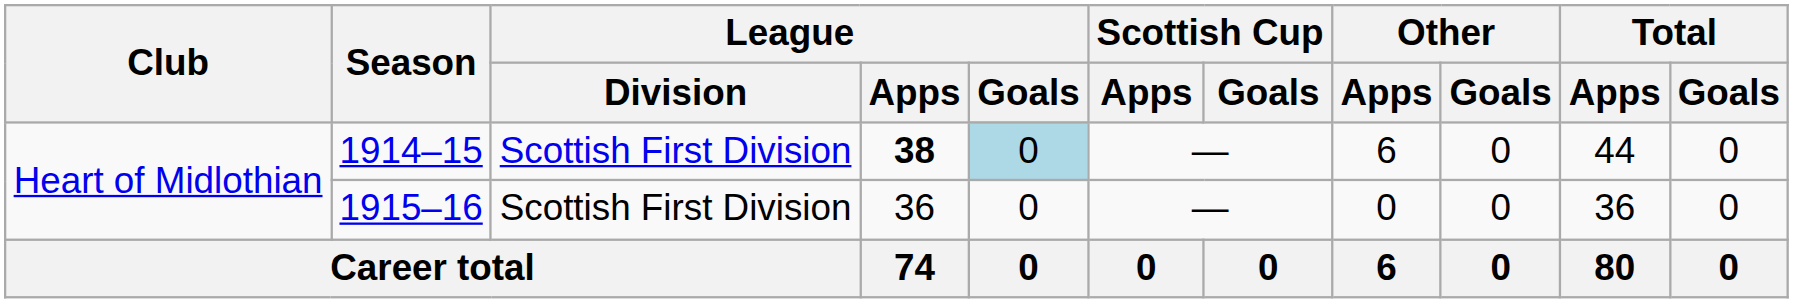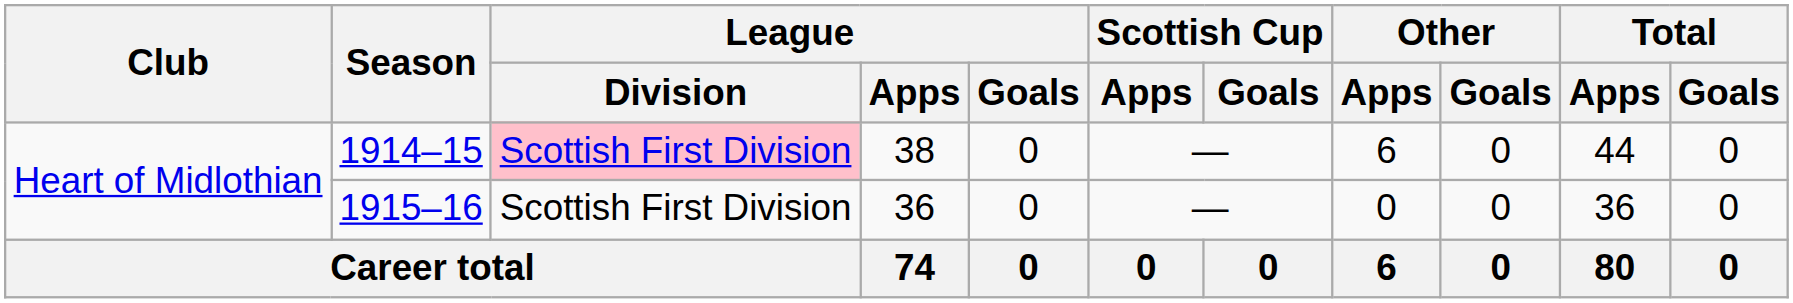 <table class="wikitable" style="text-align: center;">
 <tr>
 <th rowspan="2">Club</th>
 <th rowspan="2">Season</th>
 <th colspan="3">League</th>
 <th colspan="2">Scottish Cup</th>
 <th colspan="2">Other</th>
 <th colspan="2">Total</th>
 </tr>
 <tr>
 <th>Division</th>
 <th>Apps</th>
 <th>Goals</th>
 <th>Apps</th>
 <th>Goals</th>
 <th>Apps</th>
 <th>Goals</th>
 <th>Apps</th>
 <th>Goals</th>
 </tr>
 <tr>
 <td rowspan="2"><a href='#'>Heart of Midlothian</a></td>
 <td><a href='#'>1914–15</a></td>
-<td><a href='#'>Scottish First Division</a></td>
-<td><strong>38</strong></td>
-<td style="background: lightblue;">0</td>
+<td style="background: pink;"><a href='#'>Scottish First Division</a></td>
+<td>38</td>
+<td>0</td>
 <td colspan="2">—</td>
 <td>6</td>
 <td>0</td>
 <td>44</td>
 <td>0</td>
 </tr>
 <tr>
 <td><a href='#'>1915–16</a></td>
 <td>Scottish First Division</td>
 <td>36</td>
 <td>0</td>
 <td colspan="2">—</td>
 <td>0</td>
 <td>0</td>
 <td>36</td>
 <td>0</td>
 </tr>
 <tr>
 <th colspan="3">Career total</th>
 <th>74</th>
 <th>0</th>
 <th>0</th>
 <th>0</th>
 <th>6</th>
 <th>0</th>
 <th>80</th>
 <th>0</th>
 </tr>
 </table>
